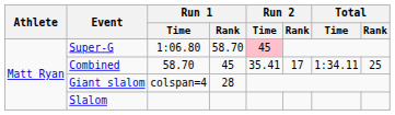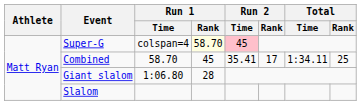 <table class="wikitable" style="font-size:90%">
 <tr>
 <th rowspan=2>Athlete</th>
 <th rowspan=2>Event</th>
 <th colspan=2>Run 1</th>
 <th colspan=2>Run 2</th>
 <th colspan=2>Total</th>
 </tr>
 <tr style="font-size:95%">
 <th>Time</th>
 <th>Rank</th>
 <th>Time</th>
 <th>Rank</th>
 <th>Time</th>
 <th>Rank</th>
 </tr>
 <tr align=center>
 <td align="left" rowspan="4"><a href='#'>Matt Ryan</a></td>
 <td align="left"><a href='#'>Super-G</a></td>
-<td>1:06.80</td>
-<td>58.70</td>
+<td>colspan=4</td>
+<td style="background: lightyellow;">58.70</td>
 <td style="background: pink;">45</td>
 </tr>
 <tr align=center>
 <td align="left"><a href='#'>Combined</a></td>
 <td>58.70</td>
 <td>45</td>
 <td>35.41</td>
 <td>17</td>
 <td>1:34.11</td>
 <td>25</td>
 </tr>
 <tr align=center>
 <td align="left"><a href='#'>Giant slalom</a></td>
-<td>colspan=4</td>
+<td>1:06.80</td>
 <td>28</td>
 <td colspan=4></td>
 </tr>
 <tr align=center>
 <td align="left"><a href='#'>Slalom</a></td>
 <td></td>
 <td></td>
 <td></td>
 <td></td>
 <td></td>
 <td></td>
 </tr>
 </table>
